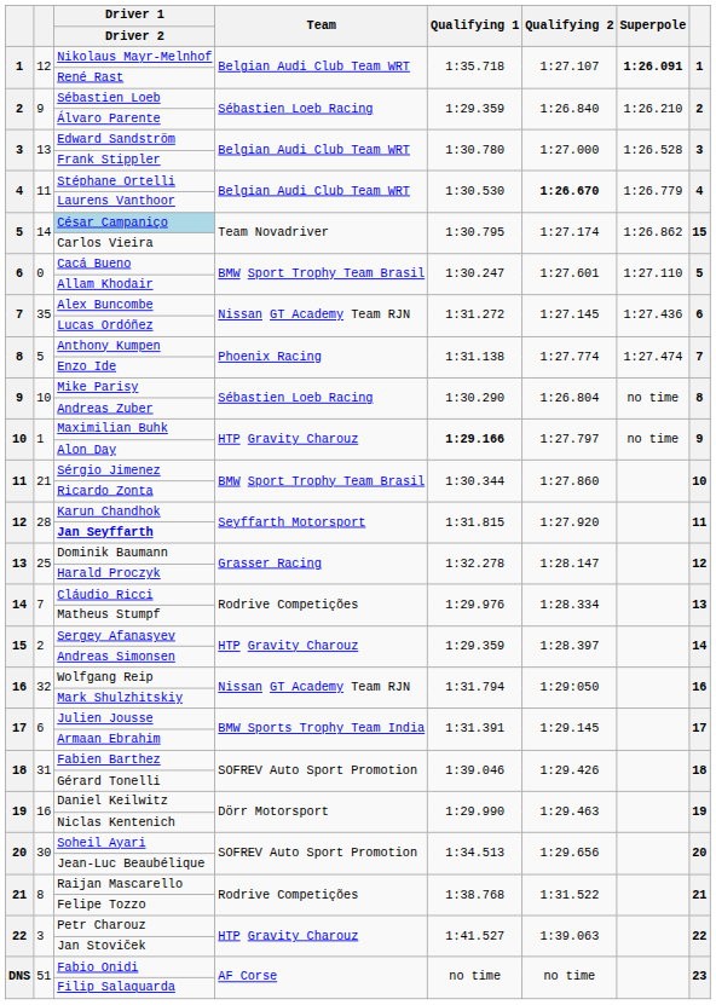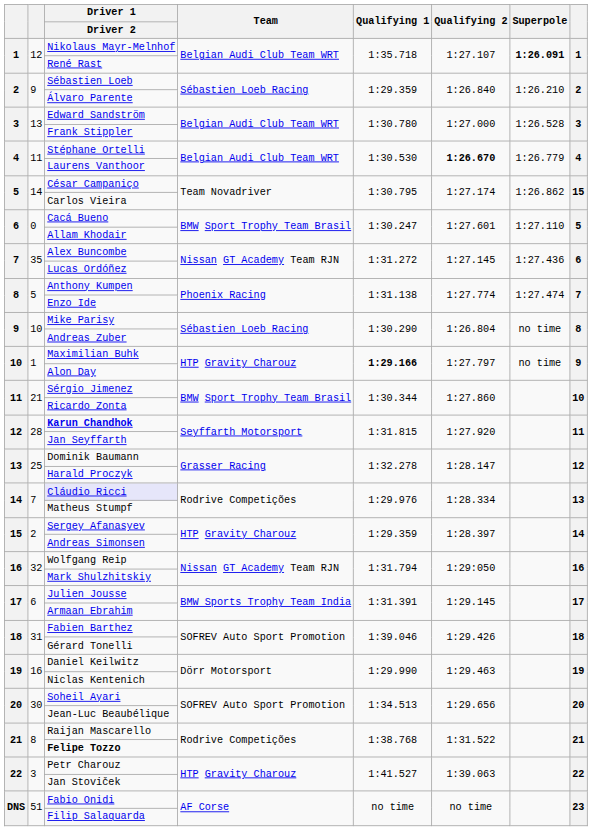 <table class="wikitable" style="font-size: 90%;">
 <tr>
 <th rowspan=2></th>
 <th rowspan=2></th>
 <th>Driver 1</th>
 <th rowspan=2>Team</th>
 <th rowspan=2>Qualifying 1</th>
 <th rowspan=2>Qualifying 2</th>
 <th rowspan=2>Superpole</th>
 <th rowspan=2></th>
 </tr>
 <tr>
 <th>Driver 2</th>
 </tr>
 <tr>
 <th rowspan=2>1</th>
 <td rowspan=2>12</td>
 <td> <a href='#'>Nikolaus Mayr-Melnhof</a></td>
 <td rowspan=2> <a href='#'>Belgian Audi Club Team WRT</a></td>
 <td rowspan=2 align="center">1:35.718</td>
 <td rowspan=2 align="center">1:27.107</td>
 <td rowspan=2 align="center"><strong>1:26.091</strong></td>
 <th rowspan=2>1</th>
 </tr>
 <tr>
 <td> <a href='#'>René Rast</a></td>
 </tr>
 <tr>
 <th rowspan=2>2</th>
 <td rowspan=2>9</td>
 <td> <a href='#'>Sébastien Loeb</a></td>
 <td rowspan=2> <a href='#'>Sébastien Loeb Racing</a></td>
 <td rowspan=2 align="center">1:29.359</td>
 <td rowspan=2 align="center">1:26.840</td>
 <td rowspan=2 align="center">1:26.210</td>
 <th rowspan=2>2</th>
 </tr>
 <tr>
 <td> <a href='#'>Álvaro Parente</a></td>
 </tr>
 <tr>
 <th rowspan=2>3</th>
 <td rowspan=2>13</td>
 <td> <a href='#'>Edward Sandström</a></td>
 <td rowspan=2> <a href='#'>Belgian Audi Club Team WRT</a></td>
 <td rowspan=2 align="center">1:30.780</td>
 <td rowspan=2 align="center">1:27.000</td>
 <td rowspan=2 align="center">1:26.528</td>
 <th rowspan=2>3</th>
 </tr>
 <tr>
 <td> <a href='#'>Frank Stippler</a></td>
 </tr>
 <tr>
 <th rowspan=2>4</th>
 <td rowspan=2>11</td>
 <td> <a href='#'>Stéphane Ortelli</a></td>
 <td rowspan=2> <a href='#'>Belgian Audi Club Team WRT</a></td>
 <td rowspan=2 align="center">1:30.530</td>
 <td rowspan=2 align="center"><strong>1:26.670</strong></td>
 <td rowspan=2 align="center">1:26.779</td>
 <th rowspan=2>4</th>
 </tr>
 <tr>
 <td> <a href='#'>Laurens Vanthoor</a></td>
 </tr>
 <tr>
 <th rowspan=2>5</th>
 <td rowspan=2>14</td>
-<td style="background: lightblue;"> <a href='#'>César Campaniço</a></td>
+<td> <a href='#'>César Campaniço</a></td>
 <td rowspan=2> Team Novadriver</td>
 <td rowspan=2 align="center">1:30.795</td>
 <td rowspan=2 align="center">1:27.174</td>
 <td rowspan=2 align="center">1:26.862</td>
 <th rowspan=2>15</th>
 </tr>
 <tr>
 <td> Carlos Vieira</td>
 </tr>
 <tr>
 <th rowspan=2>6</th>
 <td rowspan=2>0</td>
 <td> <a href='#'>Cacá Bueno</a></td>
 <td rowspan=2> <a href='#'>BMW</a> <a href='#'>Sport Trophy Team Brasil</a></td>
 <td rowspan=2 align="center">1:30.247</td>
 <td rowspan=2 align="center">1:27.601</td>
 <td rowspan=2 align="center">1:27.110</td>
 <th rowspan=2>5</th>
 </tr>
 <tr>
 <td> <a href='#'>Allam Khodair</a></td>
 </tr>
 <tr>
 <th rowspan=2>7</th>
 <td rowspan=2>35</td>
 <td> <a href='#'>Alex Buncombe</a></td>
 <td rowspan=2> <a href='#'>Nissan</a> <a href='#'>GT Academy</a> Team RJN</td>
 <td rowspan=2 align="center">1:31.272</td>
 <td rowspan=2 align="center">1:27.145</td>
 <td rowspan=2 align="center">1:27.436</td>
 <th rowspan=2>6</th>
 </tr>
 <tr>
 <td> <a href='#'>Lucas Ordóñez</a></td>
 </tr>
 <tr>
 <th rowspan=2>8</th>
 <td rowspan=2>5</td>
 <td> <a href='#'>Anthony Kumpen</a></td>
 <td rowspan=2> <a href='#'>Phoenix Racing</a></td>
 <td rowspan=2 align="center">1:31.138</td>
 <td rowspan=2 align="center">1:27.774</td>
 <td rowspan=2 align="center">1:27.474</td>
 <th rowspan=2>7</th>
 </tr>
 <tr>
 <td> <a href='#'>Enzo Ide</a></td>
 </tr>
 <tr>
 <th rowspan=2>9</th>
 <td rowspan=2>10</td>
 <td> <a href='#'>Mike Parisy</a></td>
 <td rowspan=2> <a href='#'>Sébastien Loeb Racing</a></td>
 <td rowspan=2 align="center">1:30.290</td>
 <td rowspan=2 align="center">1:26.804</td>
 <td rowspan=2 align="center">no time</td>
 <th rowspan=2>8</th>
 </tr>
 <tr>
 <td> <a href='#'>Andreas Zuber</a></td>
 </tr>
 <tr>
 <th rowspan=2>10</th>
 <td rowspan=2>1</td>
 <td> <a href='#'>Maximilian Buhk</a></td>
 <td rowspan=2> <a href='#'>HTP</a> <a href='#'>Gravity Charouz</a></td>
 <td rowspan=2 align="center"><strong>1:29.166</strong></td>
 <td rowspan=2 align="center">1:27.797</td>
 <td rowspan=2 align="center">no time</td>
 <th rowspan=2>9</th>
 </tr>
 <tr>
 <td> <a href='#'>Alon Day</a></td>
 </tr>
 <tr>
 <th rowspan=2>11</th>
 <td rowspan=2>21</td>
 <td> <a href='#'>Sérgio Jimenez</a></td>
 <td rowspan=2> <a href='#'>BMW</a> <a href='#'>Sport Trophy Team Brasil</a></td>
 <td rowspan=2 align="center">1:30.344</td>
 <td rowspan=2 align="center">1:27.860</td>
 <td rowspan=2 align="center"></td>
 <th rowspan=2>10</th>
 </tr>
 <tr>
 <td> <a href='#'>Ricardo Zonta</a></td>
 </tr>
 <tr>
 <th rowspan=2>12</th>
 <td rowspan=2>28</td>
-<td> <a href='#'>Karun Chandhok</a></td>
+<td><strong> <a href='#'>Karun Chandhok</a></strong></td>
 <td rowspan=2> <a href='#'>Seyffarth Motorsport</a></td>
 <td rowspan=2 align="center">1:31.815</td>
 <td rowspan=2 align="center">1:27.920</td>
 <td rowspan=2 align="center"></td>
 <th rowspan=2>11</th>
 </tr>
 <tr>
-<td><strong> <a href='#'>Jan Seyffarth</a></strong></td>
+<td> <a href='#'>Jan Seyffarth</a></td>
 </tr>
 <tr>
 <th rowspan=2>13</th>
 <td rowspan=2>25</td>
 <td> Dominik Baumann</td>
 <td rowspan=2> <a href='#'>Grasser Racing</a></td>
 <td rowspan=2 align="center">1:32.278</td>
 <td rowspan=2 align="center">1:28.147</td>
 <td rowspan=2 align="center"></td>
 <th rowspan=2>12</th>
 </tr>
 <tr>
 <td> <a href='#'>Harald Proczyk</a></td>
 </tr>
 <tr>
 <th rowspan=2>14</th>
 <td rowspan=2>7</td>
-<td> <a href='#'>Cláudio Ricci</a></td>
+<td style="background: lavender;"> <a href='#'>Cláudio Ricci</a></td>
 <td rowspan=2> Rodrive Competições</td>
 <td rowspan=2 align="center">1:29.976</td>
 <td rowspan=2 align="center">1:28.334</td>
 <td rowspan=2 align="center"></td>
 <th rowspan=2>13</th>
 </tr>
 <tr>
 <td> Matheus Stumpf</td>
 </tr>
 <tr>
 <th rowspan=2>15</th>
 <td rowspan=2>2</td>
 <td> <a href='#'>Sergey Afanasyev</a></td>
 <td rowspan=2> <a href='#'>HTP</a> <a href='#'>Gravity Charouz</a></td>
 <td rowspan=2 align="center">1:29.359</td>
 <td rowspan=2 align="center">1:28.397</td>
 <td rowspan=2 align="center"></td>
 <th rowspan=2>14</th>
 </tr>
 <tr>
 <td> <a href='#'>Andreas Simonsen</a></td>
 </tr>
 <tr>
 <th rowspan=2>16</th>
 <td rowspan=2>32</td>
 <td> Wolfgang Reip</td>
 <td rowspan=2> <a href='#'>Nissan</a> <a href='#'>GT Academy</a> Team RJN</td>
 <td rowspan=2 align="center">1:31.794</td>
 <td rowspan=2 align="center">1:29:050</td>
 <td rowspan=2 align="center"></td>
 <th rowspan=2>16</th>
 </tr>
 <tr>
 <td> <a href='#'>Mark Shulzhitskiy</a></td>
 </tr>
 <tr>
 <th rowspan=2>17</th>
 <td rowspan=2>6</td>
 <td> <a href='#'>Julien Jousse</a></td>
 <td rowspan=2> <a href='#'>BMW Sports Trophy Team India</a></td>
 <td rowspan=2 align="center">1:31.391</td>
 <td rowspan=2 align="center">1:29.145</td>
 <td rowspan=2 align="center"></td>
 <th rowspan=2>17</th>
 </tr>
 <tr>
 <td> <a href='#'>Armaan Ebrahim</a></td>
 </tr>
 <tr>
 <th rowspan=2>18</th>
 <td rowspan=2>31</td>
 <td> <a href='#'>Fabien Barthez</a></td>
 <td rowspan=2> SOFREV Auto Sport Promotion</td>
 <td rowspan=2 align="center">1:39.046</td>
 <td rowspan=2 align="center">1:29.426</td>
 <td rowspan=2 align="center"></td>
 <th rowspan=2>18</th>
 </tr>
 <tr>
 <td> Gérard Tonelli</td>
 </tr>
 <tr>
 <th rowspan=2>19</th>
 <td rowspan=2>16</td>
 <td> Daniel Keilwitz</td>
 <td rowspan=2> Dörr Motorsport</td>
 <td rowspan=2 align="center">1:29.990</td>
 <td rowspan=2 align="center">1:29.463</td>
 <td rowspan=2 align="center"></td>
 <th rowspan=2>19</th>
 </tr>
 <tr>
 <td> Niclas Kentenich</td>
 </tr>
 <tr>
 <th rowspan=2>20</th>
 <td rowspan=2>30</td>
 <td> <a href='#'>Soheil Ayari</a></td>
 <td rowspan=2> SOFREV Auto Sport Promotion</td>
 <td rowspan=2 align="center">1:34.513</td>
 <td rowspan=2 align="center">1:29.656</td>
 <td rowspan=2 align="center"></td>
 <th rowspan=2>20</th>
 </tr>
 <tr>
 <td> Jean-Luc Beaubélique</td>
 </tr>
 <tr>
 <th rowspan=2>21</th>
 <td rowspan=2>8</td>
 <td> Raijan Mascarello</td>
 <td rowspan=2> Rodrive Competições</td>
 <td rowspan=2 align="center">1:38.768</td>
 <td rowspan=2 align="center">1:31.522</td>
 <td rowspan=2 align="center"></td>
 <th rowspan=2>21</th>
 </tr>
 <tr>
-<td> Felipe Tozzo</td>
+<td><strong> Felipe Tozzo</strong></td>
 </tr>
 <tr>
 <th rowspan=2>22</th>
 <td rowspan=2>3</td>
 <td> Petr Charouz</td>
 <td rowspan=2> <a href='#'>HTP</a> <a href='#'>Gravity Charouz</a></td>
 <td rowspan=2 align="center">1:41.527</td>
 <td rowspan=2 align="center">1:39.063</td>
 <td rowspan=2 align="center"></td>
 <th rowspan=2>22</th>
 </tr>
 <tr>
 <td> Jan Stoviček</td>
 </tr>
 <tr>
 <th rowspan=2>DNS</th>
 <td rowspan=2>51</td>
 <td> <a href='#'>Fabio Onidi</a></td>
 <td rowspan=2> <a href='#'>AF Corse</a></td>
 <td rowspan=2 align="center">no time</td>
 <td rowspan=2 align="center">no time</td>
 <td rowspan=2 align="center"></td>
 <th rowspan=2>23</th>
 </tr>
 <tr>
 <td> <a href='#'>Filip Salaquarda</a></td>
 </tr>
 </table>
